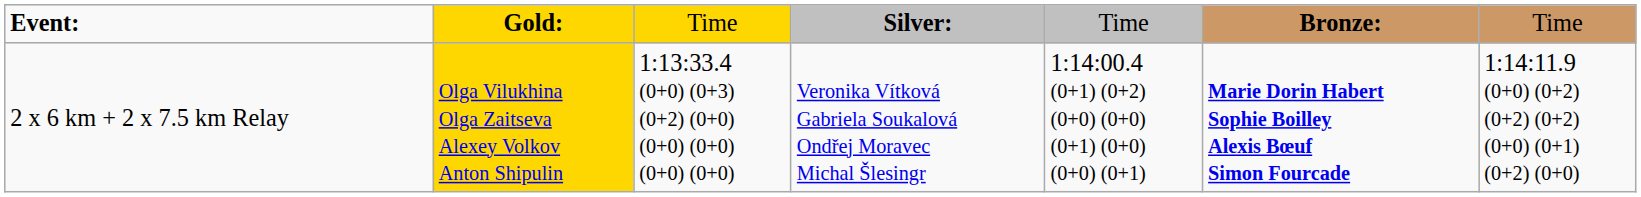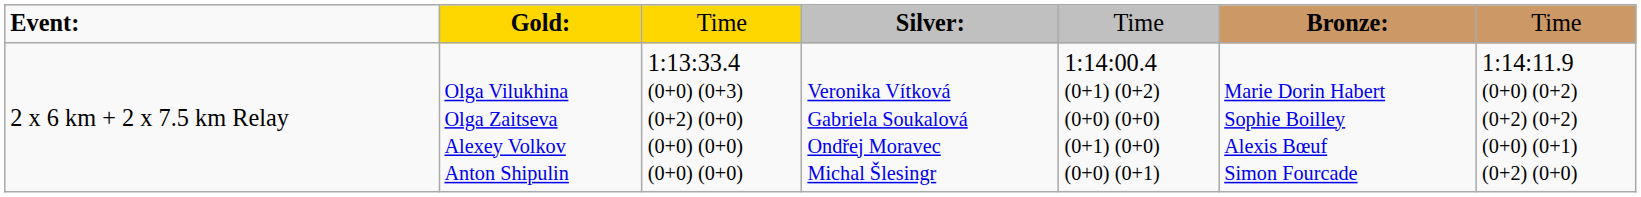 <table class="wikitable" border="1" style="width:85%;">
 <tr>
 <td><strong>Event:</strong></td>
 <td style="text-align:center;background-color:gold;"><strong>Gold:</strong></td>
 <td style="text-align:center;background-color:gold;">Time</td>
 <td style="text-align:center;background-color:silver;"><strong>Silver:</strong></td>
 <td style="text-align:center;background-color:silver;">Time</td>
 <td style="text-align:center;background-color:#CC9966;"><strong>Bronze:</strong></td>
 <td style="text-align:center;background-color:#CC9966;">Time</td>
 </tr>
 <tr>
 <td>2 x 6 km + 2 x 7.5 km Relay<br><em></em></td>
-<td style="background: gold;"><strong></strong><br><small><a href='#'>Olga Vilukhina</a><br><a href='#'>Olga Zaitseva</a><br><a href='#'>Alexey Volkov</a><br><a href='#'>Anton Shipulin</a></small></td>
+<td><strong></strong><br><small><a href='#'>Olga Vilukhina</a><br><a href='#'>Olga Zaitseva</a><br><a href='#'>Alexey Volkov</a><br><a href='#'>Anton Shipulin</a></small></td>
 <td>1:13:33.4<br><small>(0+0) (0+3)<br>(0+2) (0+0)<br>(0+0) (0+0)<br>(0+0) (0+0)</small></td>
 <td><br><small><a href='#'>Veronika Vítková</a><br><a href='#'>Gabriela Soukalová</a><br><a href='#'>Ondřej Moravec</a><br><a href='#'>Michal Šlesingr</a></small></td>
 <td>1:14:00.4<br><small>(0+1) (0+2)<br>(0+0) (0+0)<br>(0+1) (0+0)<br>(0+0) (0+1)</small></td>
-<td><strong><br><small><a href='#'>Marie Dorin Habert</a><br><a href='#'>Sophie Boilley</a><br><a href='#'>Alexis Bœuf</a><br><a href='#'>Simon Fourcade</a></small></strong></td>
+<td><br><small><a href='#'>Marie Dorin Habert</a><br><a href='#'>Sophie Boilley</a><br><a href='#'>Alexis Bœuf</a><br><a href='#'>Simon Fourcade</a></small></td>
 <td>1:14:11.9<br><small>(0+0) (0+2)<br>(0+2) (0+2)<br>(0+0) (0+1)<br>(0+2) (0+0)</small></td>
 </tr>
 </table>
